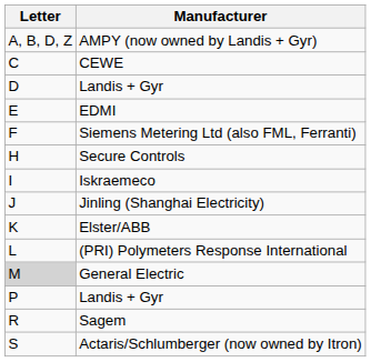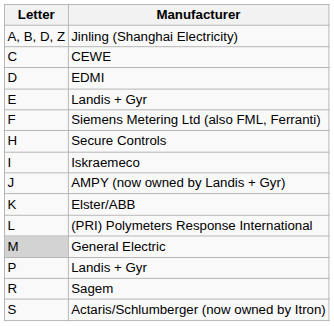 <table class="wikitable" border="1">
 <tr>
 <th>Letter</th>
 <th>Manufacturer</th>
 </tr>
 <tr>
 <td>A, B, D, Z</td>
-<td>AMPY (now owned by Landis + Gyr)</td>
+<td>Jinling (Shanghai Electricity)</td>
 </tr>
 <tr>
 <td>C</td>
 <td>CEWE</td>
 </tr>
 <tr>
 <td>D</td>
-<td>Landis + Gyr</td>
+<td>EDMI</td>
 </tr>
 <tr>
 <td>E</td>
-<td>EDMI</td>
+<td>Landis + Gyr</td>
 </tr>
 <tr>
 <td>F</td>
 <td>Siemens Metering Ltd (also FML, Ferranti)</td>
 </tr>
 <tr>
 <td>H</td>
 <td>Secure Controls</td>
 </tr>
 <tr>
 <td>I</td>
 <td>Iskraemeco</td>
 </tr>
 <tr>
 <td>J</td>
-<td>Jinling (Shanghai Electricity)</td>
+<td>AMPY (now owned by Landis + Gyr)</td>
 </tr>
 <tr>
 <td>K</td>
 <td>Elster/ABB</td>
 </tr>
 <tr>
 <td>L</td>
 <td>(PRI) Polymeters Response International</td>
 </tr>
 <tr>
 <td style="background: lightgrey;">M</td>
 <td>General Electric</td>
 </tr>
 <tr>
 <td>P</td>
 <td>Landis + Gyr</td>
 </tr>
 <tr>
 <td>R</td>
 <td>Sagem</td>
 </tr>
 <tr>
 <td>S</td>
 <td>Actaris/Schlumberger (now owned by Itron)</td>
 </tr>
 </table>
